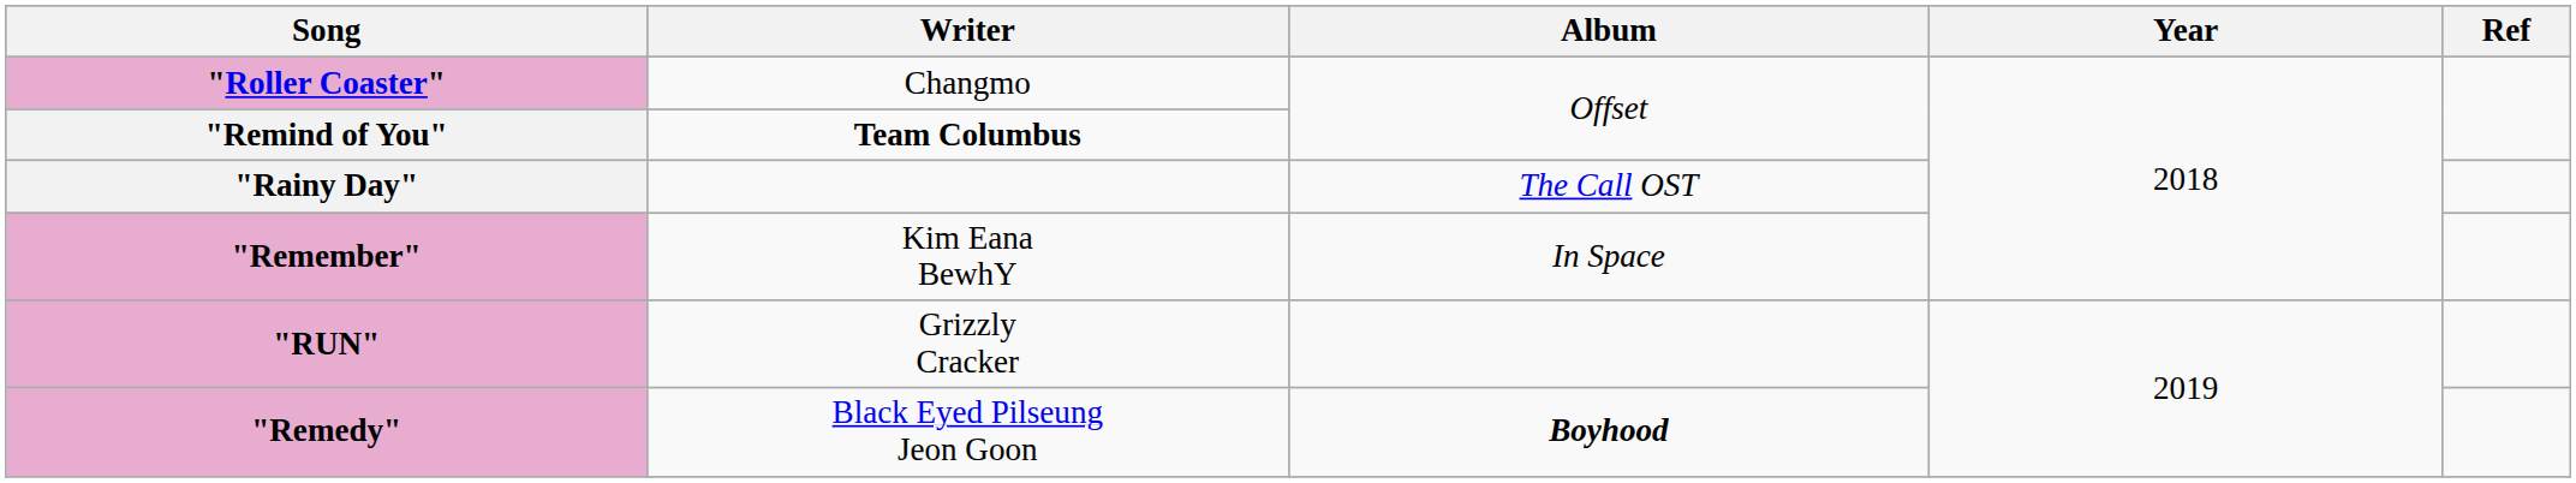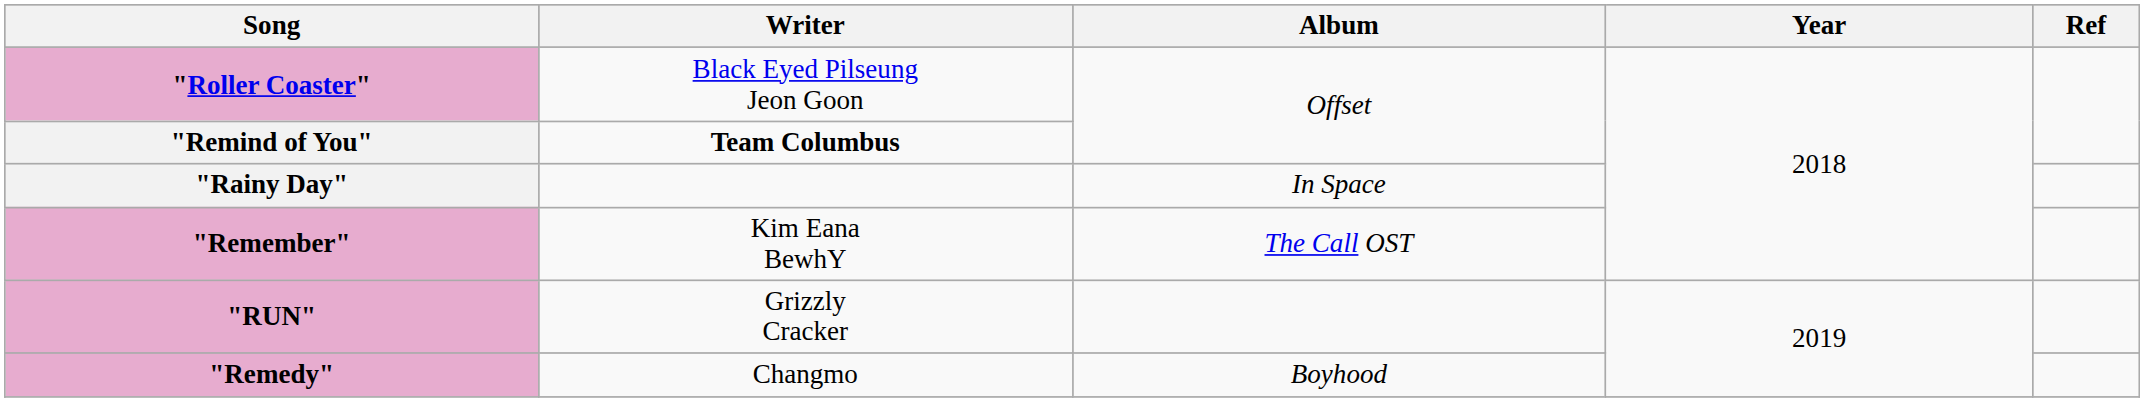 <table class="wikitable" style="text-align:center; width:100%">
 <tr>
 <th style="width:25%">Song</th>
 <th style="width:25%">Writer</th>
 <th style="width:25%">Album</th>
 <th style="width:20%">Year</th>
 <th style="width:5%">Ref</th>
 </tr>
 <tr>
 <th scope="row" style="background-color:#E7ACCF">"<a href='#'>Roller Coaster</a>" </th>
-<td>Changmo</td>
+<td><a href='#'>Black Eyed Pilseung</a><br>Jeon Goon</td>
 <td rowspan="2"><em>Offset</em></td>
 <td rowspan="4">2018</td>
 <td rowspan="2"></td>
 </tr>
 <tr>
 <th scope="row">"Remind of You" </th>
 <td><strong>Team Columbus</strong></td>
 </tr>
 <tr>
 <th scope="row">"Rainy Day"<br></th>
 <td></td>
-<td><em><a href='#'>The Call</a>  OST</em></td>
+<td><em>In Space</em></td>
 <td></td>
 </tr>
 <tr>
 <th scope="row" style="background-color:#E7ACCF">"Remember"<br> </th>
 <td>Kim Eana<br>BewhY</td>
-<td><em>In Space</em></td>
+<td><em><a href='#'>The Call</a>  OST</em></td>
 <td></td>
 </tr>
 <tr>
 <th scope="row" style="background-color:#E7ACCF">"RUN"<br> </th>
 <td>Grizzly<br>Cracker</td>
 <td></td>
 <td rowspan="2">2019</td>
 <td></td>
 </tr>
 <tr>
 <th scope="row" style="background-color:#E7ACCF">"Remedy"<br> </th>
-<td><a href='#'>Black Eyed Pilseung</a><br>Jeon Goon</td>
-<td><strong><em>Boyhood</em></strong></td>
+<td>Changmo</td>
+<td><em>Boyhood</em></td>
 <td></td>
 </tr>
 </table>
